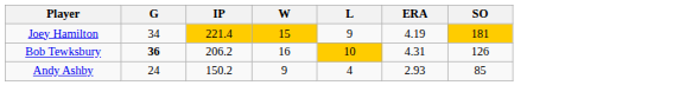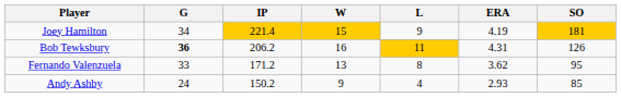 <table class="wikitable sortable">
 <tr>
 <th width="16%">Player</th>
 <th width="9%">G</th>
 <th width="9%">IP</th>
 <th width="9%">W</th>
 <th width="9%">L</th>
 <th width="9%">ERA</th>
 <th width="9%">SO</th>
 </tr>
 <tr align=center>
 <td><a href='#'>Joey Hamilton</a></td>
 <td>34</td>
 <td style="background:#fc0;">221.4</td>
 <td style="background:#fc0;">15</td>
 <td>9</td>
 <td>4.19</td>
 <td style="background:#fc0;">181</td>
 </tr>
 <tr align=center>
 <td><a href='#'>Bob Tewksbury</a></td>
 <td><strong>36</strong></td>
 <td>206.2</td>
 <td>16</td>
-<td style="background:#fc0;">10</td>
+<td style="background:#fc0;">11</td>
 <td>4.31</td>
 <td>126</td>
+</tr>
+<tr align=center>
+<td><a href='#'>Fernando Valenzuela</a></td>
+<td>33</td>
+<td>171.2</td>
+<td>13</td>
+<td>8</td>
+<td>3.62</td>
+<td>95</td>
 </tr>
 <tr align=center>
 <td><a href='#'>Andy Ashby</a></td>
 <td>24</td>
 <td>150.2</td>
 <td>9</td>
 <td>4</td>
 <td>2.93</td>
 <td>85</td>
 </tr>
 </table>
